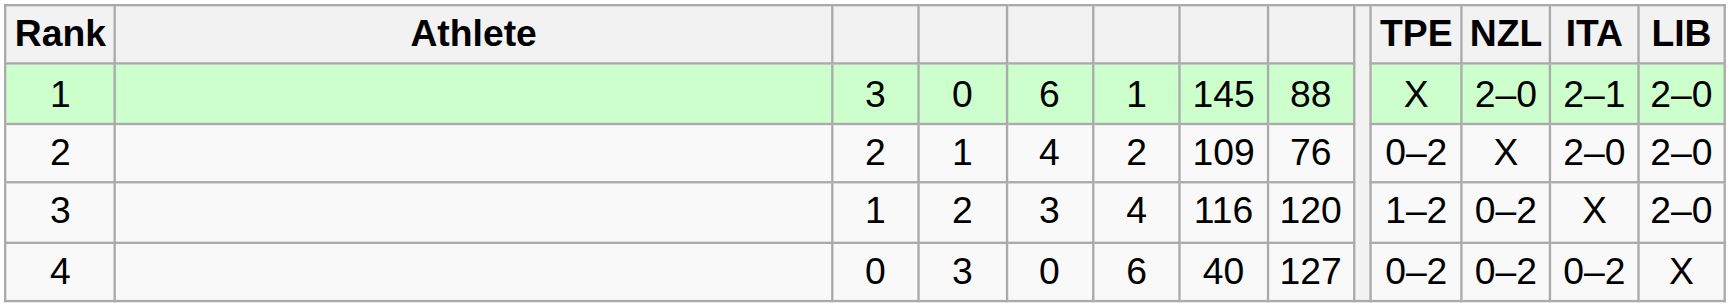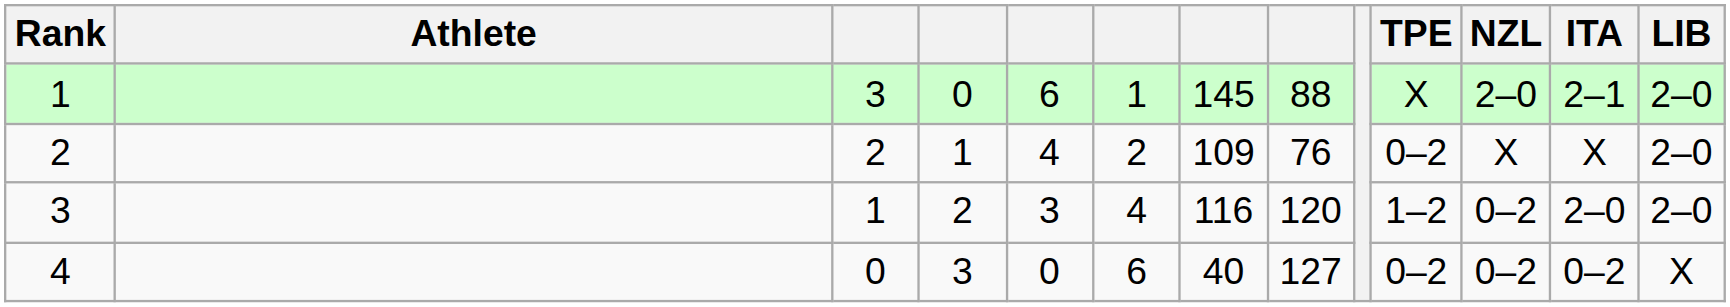 <table class="wikitable" style="text-align:center">
 <tr>
 <th width=40>Rank</th>
 <th width=300>Athlete</th>
 <th width=30></th>
 <th width=30></th>
 <th width=30></th>
 <th width=30></th>
 <th width=30></th>
 <th width=30></th>
 <th rowspan=5></th>
 <th width=30>TPE</th>
 <th width=30>NZL</th>
 <th width=30>ITA</th>
 <th width=30>LIB</th>
 </tr>
 <tr style="background-color:#ccffcc;">
 <td>1</td>
 <td align=left></td>
 <td>3</td>
 <td>0</td>
 <td>6</td>
 <td>1</td>
 <td>145</td>
 <td>88</td>
 <td>X</td>
 <td>2–0</td>
 <td>2–1</td>
 <td>2–0</td>
 </tr>
 <tr>
 <td>2</td>
 <td align=left></td>
 <td>2</td>
 <td>1</td>
 <td>4</td>
 <td>2</td>
 <td>109</td>
 <td>76</td>
 <td>0–2</td>
 <td>X</td>
-<td>2–0</td>
+<td>X</td>
 <td>2–0</td>
 </tr>
 <tr>
 <td>3</td>
 <td align=left></td>
 <td>1</td>
 <td>2</td>
 <td>3</td>
 <td>4</td>
 <td>116</td>
 <td>120</td>
 <td>1–2</td>
 <td>0–2</td>
-<td>X</td>
+<td>2–0</td>
 <td>2–0</td>
 </tr>
 <tr>
 <td>4</td>
 <td align=left></td>
 <td>0</td>
 <td>3</td>
 <td>0</td>
 <td>6</td>
 <td>40</td>
 <td>127</td>
 <td>0–2</td>
 <td>0–2</td>
 <td>0–2</td>
 <td>X</td>
 </tr>
 </table>
